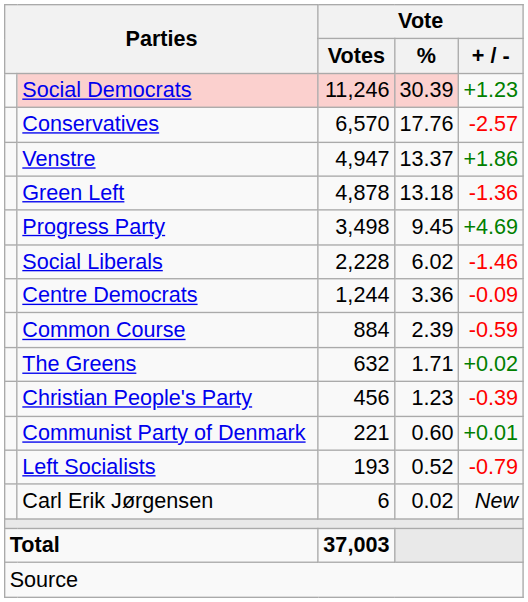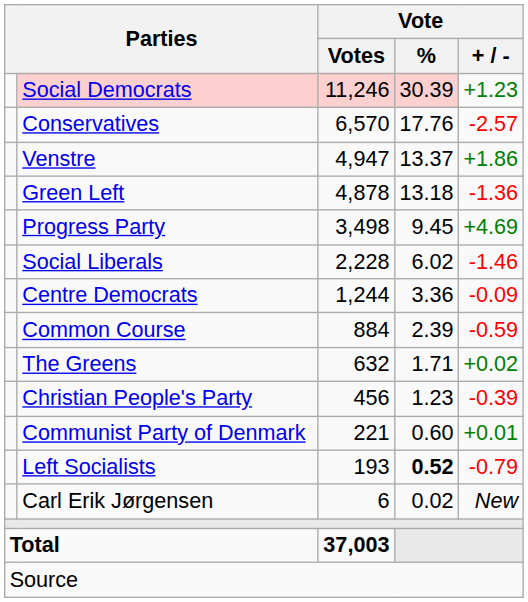 <table class="wikitable" style="text-align:right;">
 <tr>
 <th style="text-align:centre;" rowspan="2" colspan="2" width="225">Parties</th>
 <th colspan="3">Vote</th>
 </tr>
 <tr>
 <th width="15">Votes</th>
 <th width="15">%</th>
 <th width="15">+ / -</th>
 </tr>
 <tr>
 <td width="2" style="color:inherit;background:"></td>
 <td bgcolor=#fbd0ce  align="left"><a href='#'>Social Democrats</a></td>
 <td bgcolor=#fbd0ce>11,246</td>
 <td bgcolor=#fbd0ce>30.39</td>
 <td style=color:green;>+1.23</td>
 </tr>
 <tr>
 <td width="2" style="color:inherit;background:"></td>
 <td align="left"><a href='#'>Conservatives</a></td>
 <td>6,570</td>
 <td>17.76</td>
 <td style=color:red;>-2.57</td>
 </tr>
 <tr>
 <td width="2" style="color:inherit;background:"></td>
 <td align="left"><a href='#'>Venstre</a></td>
 <td>4,947</td>
 <td>13.37</td>
 <td style=color:green;>+1.86</td>
 </tr>
 <tr>
 <td width="2" style="color:inherit;background:"></td>
 <td align="left"><a href='#'>Green Left</a></td>
 <td>4,878</td>
 <td>13.18</td>
 <td style=color:red;>-1.36</td>
 </tr>
 <tr>
 <td width="2" style="color:inherit;background:"></td>
 <td align="left"><a href='#'>Progress Party</a></td>
 <td>3,498</td>
 <td>9.45</td>
 <td style=color:green;>+4.69</td>
 </tr>
 <tr>
 <td width="2" style="color:inherit;background:"></td>
 <td align="left"><a href='#'>Social Liberals</a></td>
 <td>2,228</td>
 <td>6.02</td>
 <td style=color:red;>-1.46</td>
 </tr>
 <tr>
 <td width="2" style="color:inherit;background:"></td>
 <td align="left"><a href='#'>Centre Democrats</a></td>
 <td>1,244</td>
 <td>3.36</td>
 <td style=color:red;>-0.09</td>
 </tr>
 <tr>
 <td width="2" style="color:inherit;background:"></td>
 <td align="left"><a href='#'>Common Course</a></td>
 <td>884</td>
 <td>2.39</td>
 <td style=color:red;>-0.59</td>
 </tr>
 <tr>
 <td width="2" style="color:inherit;background:"></td>
 <td align="left"><a href='#'>The Greens</a></td>
 <td>632</td>
 <td>1.71</td>
 <td style=color:green;>+0.02</td>
 </tr>
 <tr>
 <td width="2" style="color:inherit;background:"></td>
 <td align="left"><a href='#'>Christian People's Party</a></td>
 <td>456</td>
 <td>1.23</td>
 <td style=color:red;>-0.39</td>
 </tr>
 <tr>
 <td width="2" style="color:inherit;background:"></td>
 <td align="left"><a href='#'>Communist Party of Denmark</a></td>
 <td>221</td>
 <td>0.60</td>
 <td style=color:green;>+0.01</td>
 </tr>
 <tr>
 <td width="2" style="color:inherit;background:"></td>
 <td align="left"><a href='#'>Left Socialists</a></td>
 <td>193</td>
-<td>0.52</td>
+<td><strong>0.52</strong></td>
 <td style=color:red;>-0.79</td>
 </tr>
 <tr>
 <td width="2" style="color:inherit;background:"></td>
 <td align="left">Carl Erik Jørgensen</td>
 <td>6</td>
 <td>0.02</td>
 <td><em>New</em></td>
 </tr>
 <tr>
 <td colspan="7" bgcolor="#E9E9E9"></td>
 </tr>
 <tr>
 <td align="left" colspan="2"><strong>Total</strong></td>
 <td><strong>37,003</strong></td>
 <td bgcolor="#E9E9E9" colspan="2"></td>
 </tr>
 <tr>
 <td align="left" colspan="6">Source</td>
 </tr>
 </table>
